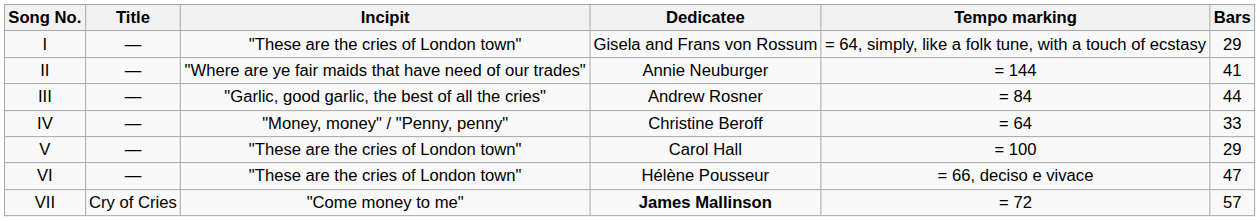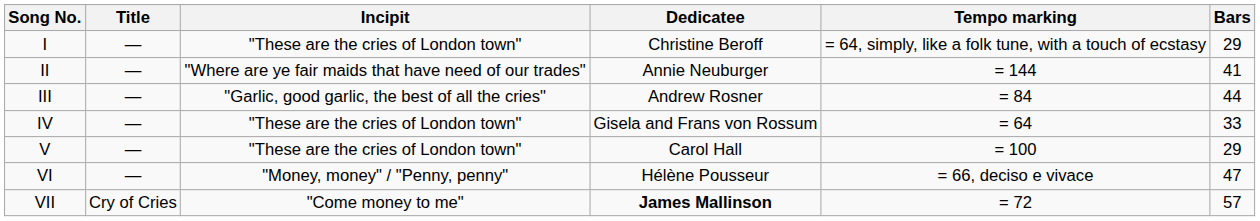 <table class="wikitable">
 <tr>
 </tr>
 <tr>
 <th align="center">Song No.</th>
 <th align="center">Title</th>
 <th align="center">Incipit</th>
 <th align="center">Dedicatee</th>
 <th align="center">Tempo marking</th>
 <th align="center">Bars</th>
 </tr>
 <tr align=center>
 <td>I</td>
 <td>—</td>
 <td>"These are the cries of London town"</td>
-<td>Gisela and Frans von Rossum</td>
+<td>Christine Beroff</td>
 <td> = 64, simply, like a folk tune, with a touch of ecstasy</td>
 <td>29</td>
 </tr>
 <tr align=center>
 <td>II</td>
 <td>—</td>
 <td>"Where are ye fair maids that have need of our trades"</td>
 <td>Annie Neuburger</td>
 <td> = 144</td>
 <td>41</td>
 </tr>
 <tr align=center>
 <td>III</td>
 <td>—</td>
 <td>"Garlic, good garlic, the best of all the cries"</td>
 <td>Andrew Rosner</td>
 <td> = 84</td>
 <td>44</td>
 </tr>
 <tr align=center>
 <td>IV</td>
 <td>—</td>
-<td>"Money, money" / "Penny, penny"</td>
-<td>Christine Beroff</td>
+<td>"These are the cries of London town"</td>
+<td>Gisela and Frans von Rossum</td>
 <td> = 64</td>
 <td>33</td>
 </tr>
 <tr align=center>
 <td>V</td>
 <td>—</td>
 <td>"These are the cries of London town"</td>
 <td>Carol Hall</td>
 <td> = 100</td>
 <td>29</td>
 </tr>
 <tr align=center>
 <td>VI</td>
 <td>—</td>
-<td>"These are the cries of London town"</td>
+<td>"Money, money" / "Penny, penny"</td>
 <td>Hélène Pousseur</td>
 <td> = 66, deciso e vivace</td>
 <td>47</td>
 </tr>
 <tr align=center>
 <td>VII</td>
 <td>Cry of Cries</td>
 <td>"Come money to me"</td>
 <td><strong>James Mallinson</strong></td>
 <td> = 72</td>
 <td>57</td>
 </tr>
 </table>
